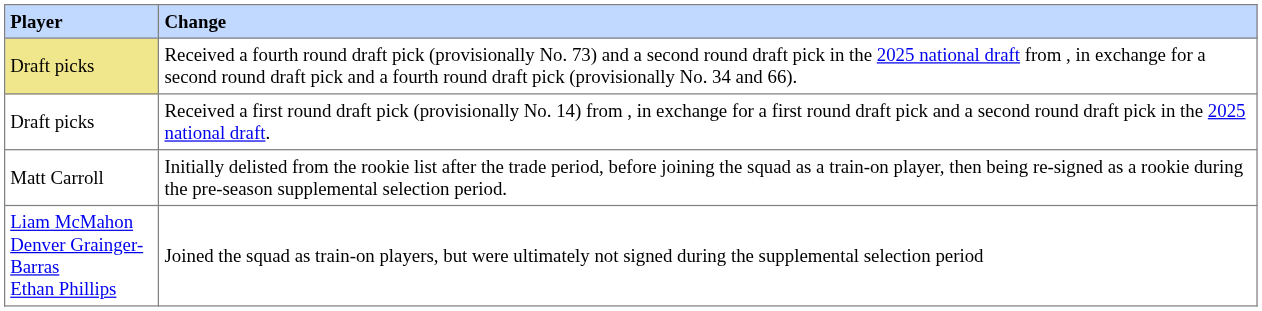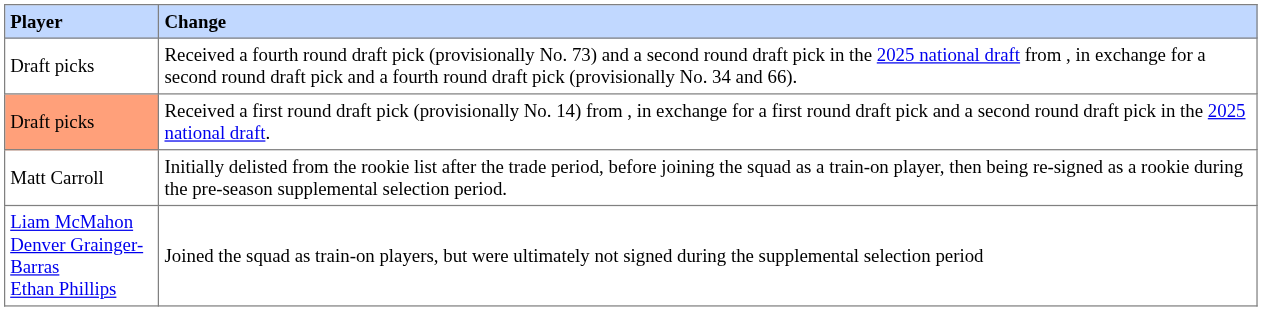 <table border="1" cellpadding="4" cellspacing="0"  style="text-align:left; font-size:95%; border-collapse:collapse; width:80%;">
 <tr style="background:#C1D8FF;">
 <th>Player</th>
 <th>Change</th>
 </tr>
 <tr>
-<td style="background: khaki;">Draft picks</td>
+<td>Draft picks</td>
 <td>Received a fourth round draft pick (provisionally No. 73) and a second round draft pick in the <a href='#'>2025 national draft</a> from , in exchange for a second round draft pick and a fourth round draft pick (provisionally No. 34 and 66).</td>
 </tr>
 <tr>
-<td>Draft picks</td>
+<td style="background: lightsalmon;">Draft picks</td>
 <td>Received a first round draft pick (provisionally No. 14) from , in exchange for a first round draft pick and a second round draft pick in the <a href='#'>2025 national draft</a>.</td>
 </tr>
 <tr>
 <td>Matt Carroll</td>
 <td>Initially delisted from the rookie list after the trade period, before joining the squad as a train-on player, then being re-signed as a rookie during the pre-season supplemental selection period.</td>
 </tr>
 <tr>
 <td><a href='#'>Liam McMahon</a><br><a href='#'>Denver Grainger-Barras</a><br><a href='#'>Ethan Phillips</a></td>
 <td>Joined the squad as train-on players, but were ultimately not signed during the supplemental selection period</td>
 </tr>
 </table>
